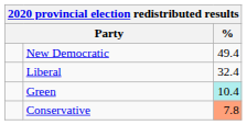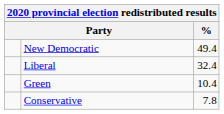 <table class="wikitable">
 <tr>
 <th colspan="4"><a href='#'>2020 provincial election</a> redistributed results</th>
 </tr>
 <tr>
 <th bgcolor="#DDDDFF" width="130px" colspan="2">Party</th>
 <th bgcolor="#DDDDFF" width="30px">%</th>
 </tr>
 <tr>
 <td> </td>
 <td><a href='#'>New Democratic</a></td>
 <td align=right>49.4</td>
 </tr>
 <tr>
 <td> </td>
 <td><a href='#'>Liberal</a></td>
 <td align=right>32.4</td>
 </tr>
 <tr>
 <td> </td>
 <td><a href='#'>Green</a></td>
-<td align=right style="background: paleturquoise;">10.4</td>
+<td align=right>10.4</td>
 </tr>
 <tr>
 <td> </td>
 <td><a href='#'>Conservative</a></td>
-<td align=right style="background: lightsalmon;">7.8</td>
+<td align=right>7.8</td>
 </tr>
 </table>
